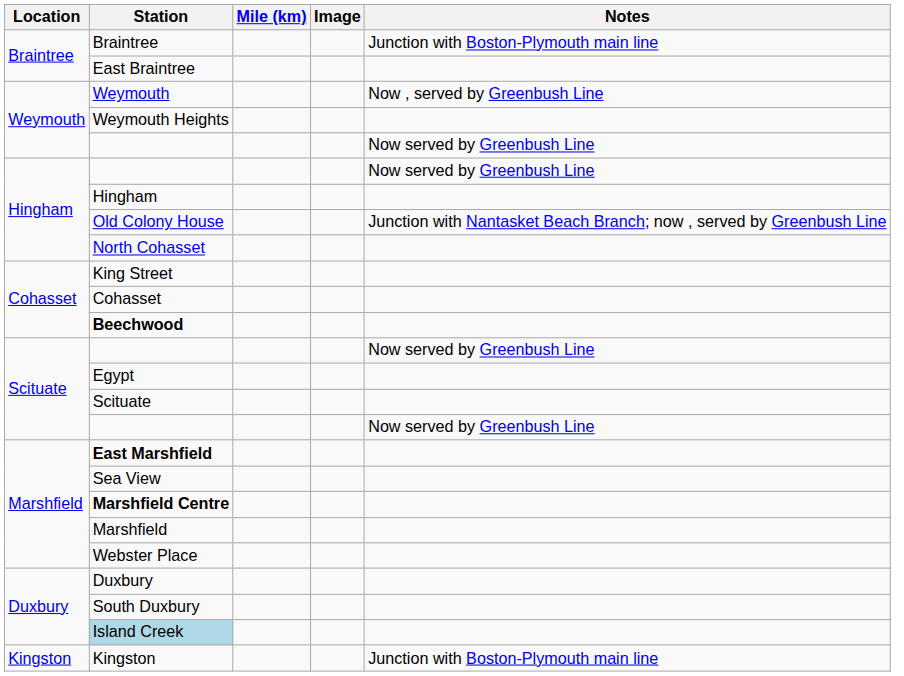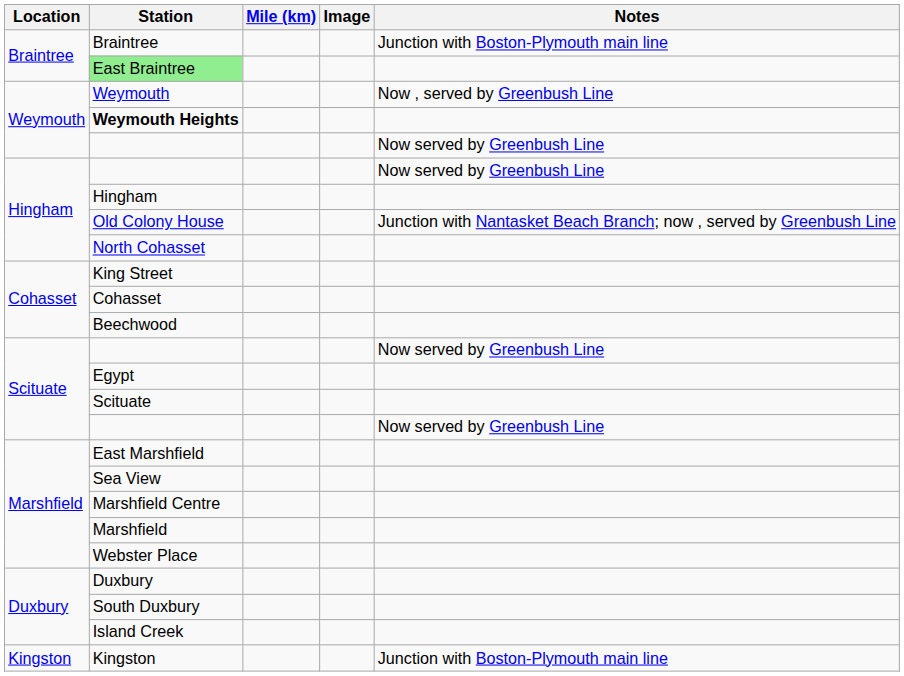 <table class="wikitable">
 <tr>
 <th>Location</th>
 <th>Station</th>
 <th><a href='#'>Mile (km)</a></th>
 <th>Image</th>
 <th>Notes</th>
 </tr>
 <tr>
 <td rowspan=2><a href='#'>Braintree</a></td>
 <td>Braintree</td>
 <td></td>
 <td></td>
 <td>Junction with <a href='#'>Boston-Plymouth main line</a></td>
 </tr>
 <tr>
-<td>East Braintree</td>
+<td style="background: lightgreen;">East Braintree</td>
 <td></td>
 <td></td>
 <td></td>
 </tr>
 <tr>
 <td rowspan=3><a href='#'>Weymouth</a></td>
 <td><a href='#'>Weymouth</a></td>
 <td></td>
 <td></td>
 <td>Now , served by <a href='#'>Greenbush Line</a></td>
 </tr>
 <tr>
-<td>Weymouth Heights</td>
+<td><strong>Weymouth Heights</strong></td>
 <td></td>
 <td></td>
 <td></td>
 </tr>
 <tr>
 <td></td>
 <td></td>
 <td></td>
 <td>Now served by <a href='#'>Greenbush Line</a></td>
 </tr>
 <tr>
 <td rowspan=4><a href='#'>Hingham</a></td>
 <td></td>
 <td></td>
 <td></td>
 <td>Now served by <a href='#'>Greenbush Line</a></td>
 </tr>
 <tr>
 <td>Hingham</td>
 <td></td>
 <td></td>
 <td></td>
 </tr>
 <tr>
 <td><a href='#'>Old Colony House</a></td>
 <td></td>
 <td></td>
 <td>Junction with <a href='#'>Nantasket Beach Branch</a>; now , served by <a href='#'>Greenbush Line</a></td>
 </tr>
 <tr>
 <td><a href='#'>North Cohasset</a></td>
 <td></td>
 <td></td>
 <td></td>
 </tr>
 <tr>
 <td rowspan=3><a href='#'>Cohasset</a></td>
 <td>King Street</td>
 <td></td>
 <td></td>
 <td></td>
 </tr>
 <tr>
 <td>Cohasset</td>
 <td></td>
 <td></td>
 <td></td>
 </tr>
 <tr>
-<td><strong>Beechwood</strong></td>
+<td>Beechwood</td>
 <td></td>
 <td></td>
 <td></td>
 </tr>
 <tr>
 <td rowspan=4><a href='#'>Scituate</a></td>
 <td></td>
 <td></td>
 <td></td>
 <td>Now served by <a href='#'>Greenbush Line</a></td>
 </tr>
 <tr>
 <td>Egypt</td>
 <td></td>
 <td></td>
 <td></td>
 </tr>
 <tr>
 <td>Scituate</td>
 <td></td>
 <td></td>
 <td></td>
 </tr>
 <tr>
 <td></td>
 <td></td>
 <td></td>
 <td>Now served by <a href='#'>Greenbush Line</a></td>
 </tr>
 <tr>
 <td rowspan=5><a href='#'>Marshfield</a></td>
-<td><strong>East Marshfield</strong></td>
+<td>East Marshfield</td>
 <td></td>
 <td></td>
 <td></td>
 </tr>
 <tr>
 <td>Sea View</td>
 <td></td>
 <td></td>
 <td></td>
 </tr>
 <tr>
-<td><strong>Marshfield Centre</strong></td>
+<td>Marshfield Centre</td>
 <td></td>
 <td></td>
 <td></td>
 </tr>
 <tr>
 <td>Marshfield</td>
 <td></td>
 <td></td>
 <td></td>
 </tr>
 <tr>
 <td>Webster Place</td>
 <td></td>
 <td></td>
 <td></td>
 </tr>
 <tr>
 <td rowspan=3><a href='#'>Duxbury</a></td>
 <td>Duxbury</td>
 <td></td>
 <td></td>
 <td></td>
 </tr>
 <tr>
 <td>South Duxbury</td>
 <td></td>
 <td></td>
 <td></td>
 </tr>
 <tr>
-<td style="background: lightblue;">Island Creek</td>
+<td>Island Creek</td>
 <td></td>
 <td></td>
 <td></td>
 </tr>
 <tr>
 <td><a href='#'>Kingston</a></td>
 <td>Kingston</td>
 <td></td>
 <td></td>
 <td>Junction with <a href='#'>Boston-Plymouth main line</a></td>
 </tr>
 </table>
